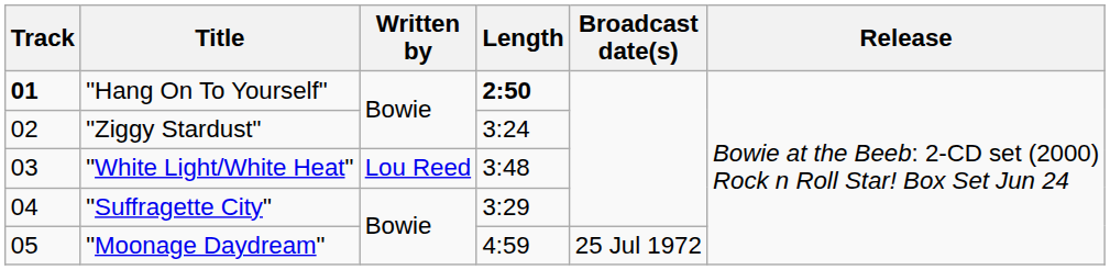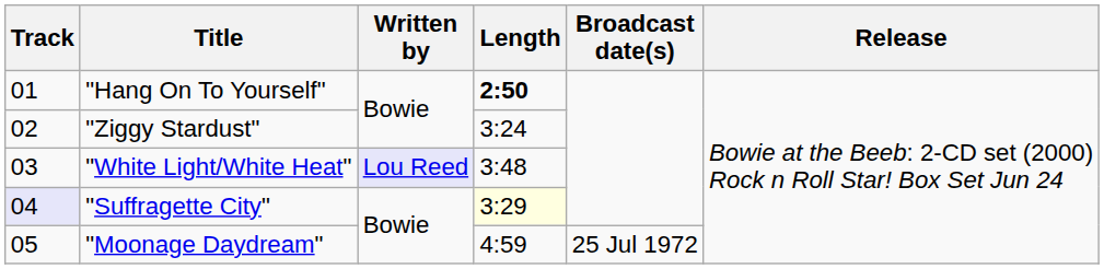 <table class="wikitable">
 <tr>
 <th>Track</th>
 <th>Title</th>
 <th>Written<br> by</th>
 <th>Length</th>
 <th>Broadcast<br> date(s)</th>
 <th>Release</th>
 </tr>
 <tr>
-<td><strong>01</strong></td>
+<td>01</td>
 <td>"Hang On To Yourself"</td>
 <td rowspan="2">Bowie</td>
 <td><strong>2:50</strong></td>
 <td rowspan="4"></td>
 <td rowspan="5"><em>Bowie at the Beeb</em>: 2-CD set (2000)<br><em>Rock n Roll Star! Box Set Jun 24</em></td>
 </tr>
 <tr>
 <td>02</td>
 <td>"Ziggy Stardust"</td>
 <td>3:24</td>
 </tr>
 <tr>
 <td>03</td>
 <td>"<a href='#'>White Light/White Heat</a>"</td>
-<td><a href='#'>Lou Reed</a></td>
+<td style="background: lavender;"><a href='#'>Lou Reed</a></td>
 <td>3:48</td>
 </tr>
 <tr>
-<td>04</td>
+<td style="background: lavender;">04</td>
 <td>"<a href='#'>Suffragette City</a>"</td>
 <td rowspan="2">Bowie</td>
-<td>3:29</td>
+<td style="background: lightyellow;">3:29</td>
 </tr>
 <tr>
 <td>05</td>
 <td>"<a href='#'>Moonage Daydream</a>"</td>
 <td>4:59</td>
 <td>25 Jul 1972</td>
 </tr>
 </table>
